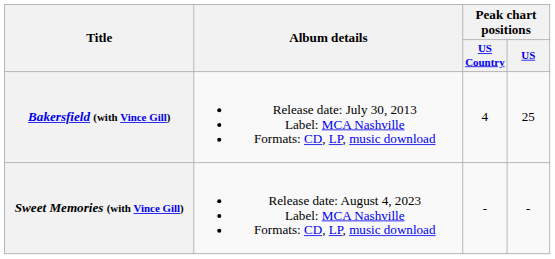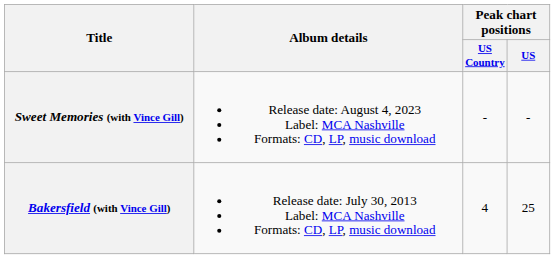 <table class="wikitable plainrowheaders" style="text-align:center;">
 <tr>
 <th rowspan="2" style="width:14em;">Title</th>
 <th rowspan="2" style="width:20em;">Album details</th>
 <th colspan="2">Peak chart<br>positions</th>
 </tr>
 <tr style="font-size:smaller;">
 <th width="45"><a href='#'>US Country</a></th>
 <th width="45"><a href='#'>US</a></th>
 </tr>
 <tr>
+<th scope="row"><em>Sweet Memories</em> <small>(with <a href='#'>Vince Gill</a>)</small></th>
+<td><br><ul><li>Release date: August 4, 2023</li><li>Label: <a href='#'>MCA Nashville</a></li><li>Formats: <a href='#'>CD</a>, <a href='#'>LP</a>, <a href='#'>music download</a></li></ul></td>
+<td>-</td>
+<td>-</td>
+</tr>
+<tr>
 <th scope="row"><em><a href='#'>Bakersfield</a></em> <small>(with <a href='#'>Vince Gill</a>)</small></th>
 <td><br><ul><li>Release date: July 30, 2013</li><li>Label: <a href='#'>MCA Nashville</a></li><li>Formats: <a href='#'>CD</a>, <a href='#'>LP</a>, <a href='#'>music download</a></li></ul></td>
 <td>4</td>
 <td>25</td>
 </tr>
-<tr>
-<th scope="row"><em>Sweet Memories</em> <small>(with <a href='#'>Vince Gill</a>)</small></th>
-<td><br><ul><li>Release date: August 4, 2023</li><li>Label: <a href='#'>MCA Nashville</a></li><li>Formats: <a href='#'>CD</a>, <a href='#'>LP</a>, <a href='#'>music download</a></li></ul></td>
-<td>-</td>
-<td>-</td>
-</tr>
 </table>
